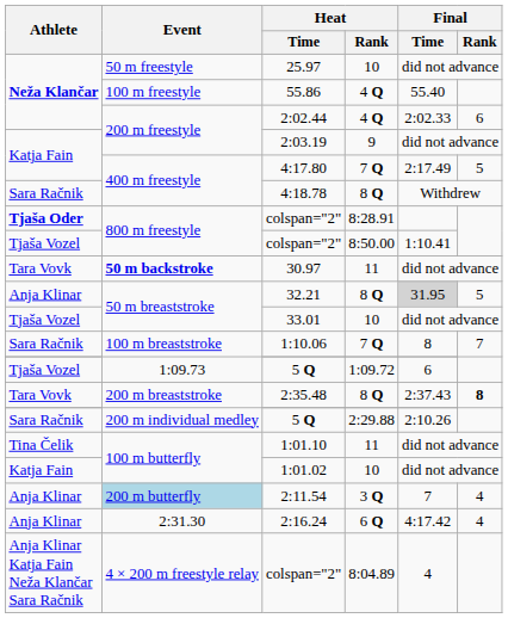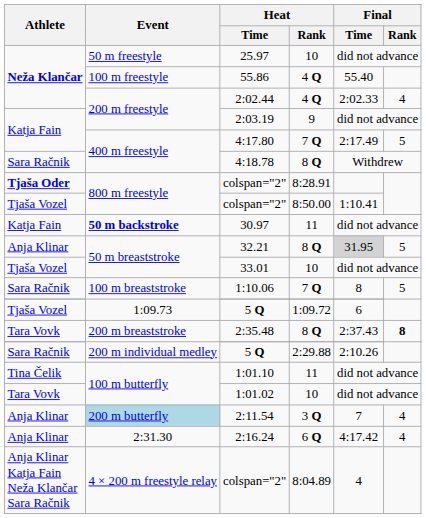 <table class=wikitable style="font-size:90%">
 <tr>
 <th rowspan="2">Athlete</th>
 <th rowspan="2">Event</th>
 <th colspan="2">Heat</th>
 <th colspan="2">Final</th>
 </tr>
 <tr style="font-size:95%">
 <th>Time</th>
 <th>Rank</th>
 <th>Time</th>
 <th>Rank</th>
 </tr>
 <tr align=center>
 <td align=left rowspan="3"><strong><a href='#'>Neža Klančar</a></strong></td>
 <td align=left><a href='#'>50 m freestyle</a></td>
 <td>25.97</td>
 <td>10</td>
 <td colspan="2">did not advance</td>
 </tr>
 <tr align=center>
 <td align=left><a href='#'>100 m freestyle</a></td>
 <td>55.86</td>
 <td>4 <strong>Q</strong></td>
 <td>55.40</td>
 <td></td>
 </tr>
 <tr align=center>
 <td align=left rowspan="2"><a href='#'>200 m freestyle</a></td>
 <td>2:02.44</td>
 <td>4 <strong>Q</strong></td>
 <td>2:02.33</td>
-<td>6</td>
+<td>4</td>
 </tr>
 <tr align=center>
 <td align=left rowspan="2"><a href='#'>Katja Fain</a></td>
 <td>2:03.19</td>
 <td>9</td>
 <td colspan="2">did not advance</td>
 </tr>
 <tr align=center>
 <td align=left rowspan="2"><a href='#'>400 m freestyle</a></td>
 <td>4:17.80</td>
 <td>7 <strong>Q</strong></td>
 <td>2:17.49</td>
 <td>5</td>
 </tr>
 <tr align=center>
 <td align=left><a href='#'>Sara Račnik</a></td>
 <td>4:18.78</td>
 <td>8 <strong>Q</strong></td>
 <td colspan="2">Withdrew</td>
 </tr>
 <tr align=center>
 <td align=left><strong><a href='#'>Tjaša Oder</a></strong></td>
 <td align=left rowspan="2"><a href='#'>800 m freestyle</a></td>
 <td>colspan="2" </td>
 <td>8:28.91</td>
 <td></td>
 </tr>
 <tr align=center>
 <td align=left><a href='#'>Tjaša Vozel</a></td>
 <td>colspan="2" </td>
 <td>8:50.00</td>
 <td>1:10.41</td>
 </tr>
 <tr align=center>
-<td align=left><a href='#'>Tara Vovk</a></td>
+<td align=left><a href='#'>Katja Fain</a></td>
 <td align=left><strong><a href='#'>50 m backstroke</a></strong></td>
 <td>30.97</td>
 <td>11</td>
 <td colspan="2">did not advance</td>
 </tr>
 <tr align=center>
 <td align=left><a href='#'>Anja Klinar</a></td>
 <td align=left rowspan="2"><a href='#'>50 m breaststroke</a></td>
 <td>32.21</td>
 <td>8 <strong>Q</strong></td>
 <td style="background: lightgrey;">31.95</td>
 <td>5</td>
 </tr>
 <tr align=center>
 <td align=left><a href='#'>Tjaša Vozel</a></td>
 <td>33.01</td>
 <td>10</td>
 <td colspan="2">did not advance</td>
 </tr>
 <tr align=center>
 <td align=left><a href='#'>Sara Račnik</a></td>
 <td align=left rowspan="2"><a href='#'>100 m breaststroke</a></td>
 <td>1:10.06</td>
 <td>7 <strong>Q</strong></td>
 <td>8</td>
-<td>7</td>
+<td>5</td>
 </tr>
 <tr>
 </tr>
 <tr align=center>
 <td align=left><a href='#'>Tjaša Vozel</a></td>
 <td>1:09.73</td>
 <td>5 <strong>Q</strong></td>
 <td>1:09.72</td>
 <td>6</td>
 </tr>
 <tr align=center>
 <td align=left><a href='#'>Tara Vovk</a></td>
 <td align=left rowspan="2"><a href='#'>200 m breaststroke</a></td>
 <td>2:35.48</td>
 <td>8 <strong>Q</strong></td>
 <td>2:37.43</td>
 <td><strong>8</strong></td>
 </tr>
 <tr>
 </tr>
 <tr align=center>
 <td align=left><a href='#'>Sara Račnik</a></td>
 <td align=left><a href='#'>200 m individual medley</a></td>
 <td>5 <strong>Q</strong></td>
 <td>2:29.88</td>
 <td>2:10.26</td>
 </tr>
 <tr align=center>
 <td align=left><a href='#'>Tina Čelik</a></td>
 <td align=left rowspan="2"><a href='#'>100 m butterfly</a></td>
 <td>1:01.10</td>
 <td>11</td>
 <td colspan="2">did not advance</td>
 </tr>
 <tr align=center>
-<td align=left><a href='#'>Katja Fain</a></td>
+<td align=left><a href='#'>Tara Vovk</a></td>
 <td>1:01.02</td>
 <td>10</td>
 <td colspan="2">did not advance</td>
 </tr>
 <tr align=center>
 <td align=left><a href='#'>Anja Klinar</a></td>
 <td align=left style="background: lightblue;"><a href='#'>200 m butterfly</a></td>
 <td>2:11.54</td>
 <td>3 <strong>Q</strong></td>
 <td>7</td>
 <td>4</td>
 </tr>
 <tr align=center>
 <td align=left><a href='#'>Anja Klinar</a></td>
 <td>2:31.30</td>
 <td>2:16.24</td>
 <td>6 <strong>Q</strong></td>
 <td>4:17.42</td>
 <td>4</td>
 </tr>
 <tr align=center>
 <td align=left><a href='#'>Anja Klinar</a><br><a href='#'>Katja Fain</a><br><a href='#'>Neža Klančar</a><br><a href='#'>Sara Račnik</a></td>
 <td align=left><a href='#'>4 × 200 m freestyle relay</a></td>
 <td>colspan="2" </td>
 <td>8:04.89</td>
 <td>4</td>
 </tr>
 </table>
